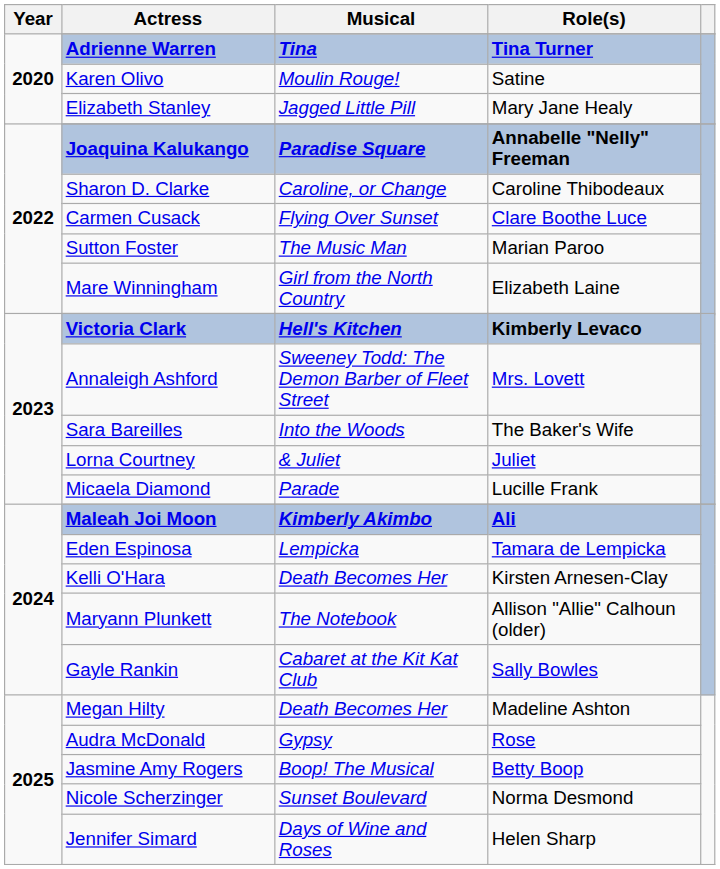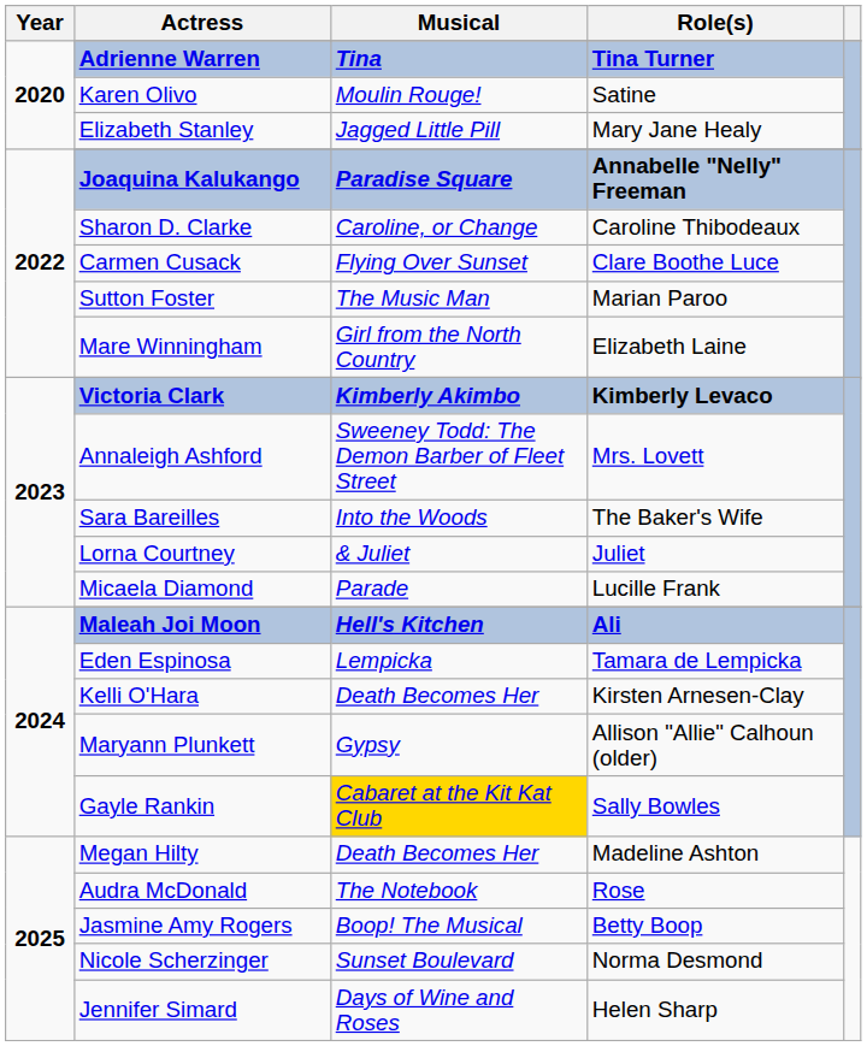 <table class="wikitable sortable">
 <tr>
 <th scope="col" style="width:8%;">Year</th>
 <th scope="col" style="width:30%;">Actress</th>
 <th scope="col" style="width:30%;”">Musical</th>
 <th scope="col" style="width:30%;">Role(s)</th>
 <th scope="col" style="width:2%;" class="unsortable"></th>
 </tr>
 <tr>
 <td rowspan="4" align="center"><strong>2020</strong> <br> </td>
 </tr>
 <tr style="background:#B0C4DE">
 <td><strong><a href='#'>Adrienne Warren</a></strong></td>
 <td><strong><em><a href='#'>Tina</a></em></strong></td>
 <td><strong><a href='#'>Tina Turner</a></strong></td>
 <td rowspan="3" align="center"></td>
 </tr>
 <tr>
 <td><a href='#'>Karen Olivo</a></td>
 <td><em><a href='#'>Moulin Rouge!</a></em></td>
 <td>Satine</td>
 </tr>
 <tr>
 <td><a href='#'>Elizabeth Stanley</a></td>
 <td><em><a href='#'>Jagged Little Pill</a></em></td>
 <td>Mary Jane Healy</td>
 </tr>
 <tr>
 <td rowspan="6" align="center"><strong>2022</strong> <br> </td>
 </tr>
 <tr style="background:#B0C4DE">
 <td><strong><a href='#'>Joaquina Kalukango</a></strong></td>
 <td><strong><em><a href='#'>Paradise Square</a></em></strong></td>
 <td><strong>Annabelle "Nelly" Freeman</strong></td>
 <td rowspan="6" align="center"></td>
 </tr>
 <tr>
 <td><a href='#'>Sharon D. Clarke</a></td>
 <td><em><a href='#'>Caroline, or Change</a></em></td>
 <td>Caroline Thibodeaux</td>
 </tr>
 <tr>
 <td><a href='#'>Carmen Cusack</a></td>
 <td><em><a href='#'>Flying Over Sunset</a></em></td>
 <td><a href='#'>Clare Boothe Luce</a></td>
 </tr>
 <tr>
 <td><a href='#'>Sutton Foster</a></td>
 <td><em><a href='#'>The Music Man</a></em></td>
 <td>Marian Paroo</td>
 </tr>
 <tr>
 <td><a href='#'>Mare Winningham</a></td>
 <td><em><a href='#'>Girl from the North Country</a></em></td>
 <td>Elizabeth Laine</td>
 </tr>
 <tr>
 <td rowspan="6" align="center"><strong>2023</strong> <br> </td>
 </tr>
 <tr style="background:#B0C4DE">
 <td><strong><a href='#'>Victoria Clark</a></strong></td>
-<td><strong><em><a href='#'>Hell's Kitchen</a></em></strong></td>
+<td><strong><em><a href='#'>Kimberly Akimbo</a></em></strong></td>
 <td><strong>Kimberly Levaco</strong></td>
 <td rowspan="5" align="center"></td>
 </tr>
 <tr>
 <td><a href='#'>Annaleigh Ashford</a></td>
 <td><em><a href='#'>Sweeney Todd: The Demon Barber of Fleet Street</a></em></td>
 <td><a href='#'>Mrs. Lovett</a></td>
 </tr>
 <tr>
 <td><a href='#'>Sara Bareilles</a></td>
 <td><em><a href='#'>Into the Woods</a></em></td>
 <td>The Baker's Wife</td>
 </tr>
 <tr>
 <td><a href='#'>Lorna Courtney</a></td>
 <td><em><a href='#'>& Juliet</a></em></td>
 <td><a href='#'>Juliet</a></td>
 </tr>
 <tr>
 <td><a href='#'>Micaela Diamond</a></td>
 <td><em><a href='#'>Parade</a></em></td>
 <td>Lucille Frank</td>
 </tr>
 <tr>
 <td rowspan="6" align="center"><strong>2024</strong> <br> </td>
 </tr>
 <tr style="background:#B0C4DE">
 <td><strong><a href='#'>Maleah Joi Moon</a></strong></td>
-<td><strong><em><a href='#'>Kimberly Akimbo</a></em></strong></td>
+<td><strong><em><a href='#'>Hell's Kitchen</a></em></strong></td>
 <td><strong><a href='#'>Ali</a></strong></td>
 <td rowspan="5" align="center"></td>
 </tr>
 <tr>
 <td><a href='#'>Eden Espinosa</a></td>
 <td><em><a href='#'>Lempicka</a></em></td>
 <td><a href='#'>Tamara de Lempicka</a></td>
 </tr>
 <tr>
 <td><a href='#'>Kelli O'Hara</a></td>
 <td><em><a href='#'>Death Becomes Her</a></em></td>
 <td>Kirsten Arnesen-Clay</td>
 </tr>
 <tr>
 <td><a href='#'>Maryann Plunkett</a></td>
-<td><em><a href='#'>The Notebook</a></em></td>
+<td><em><a href='#'>Gypsy</a></em></td>
 <td>Allison "Allie" Calhoun (older)</td>
 </tr>
 <tr>
 <td><a href='#'>Gayle Rankin</a></td>
-<td><em><a href='#'>Cabaret at the Kit Kat Club</a></em></td>
+<td style="background: gold;"><em><a href='#'>Cabaret at the Kit Kat Club</a></em></td>
 <td><a href='#'>Sally Bowles</a></td>
 </tr>
 <tr>
 <td rowspan="6" align="center"><strong>2025</strong> <br> </td>
 <td><a href='#'>Megan Hilty</a></td>
 <td><em><a href='#'>Death Becomes Her</a></em></td>
 <td>Madeline Ashton</td>
 </tr>
 <tr>
 <td><a href='#'>Audra McDonald</a></td>
-<td><em><a href='#'>Gypsy</a></em></td>
+<td><em><a href='#'>The Notebook</a></em></td>
 <td><a href='#'>Rose</a></td>
 </tr>
 <tr>
 <td><a href='#'>Jasmine Amy Rogers</a></td>
 <td><em><a href='#'>Boop! The Musical</a></em></td>
 <td><a href='#'>Betty Boop</a></td>
 </tr>
 <tr>
 <td><a href='#'>Nicole Scherzinger</a></td>
 <td><em><a href='#'>Sunset Boulevard</a></em></td>
 <td>Norma Desmond</td>
 </tr>
 <tr>
 <td><a href='#'>Jennifer Simard</a></td>
 <td><em><a href='#'>Days of Wine and Roses</a></em></td>
 <td>Helen Sharp</td>
 </tr>
 <tr>
 </tr>
 </table>
